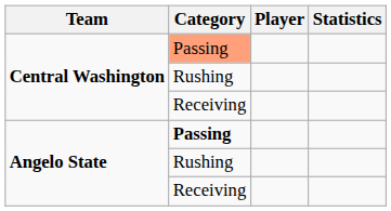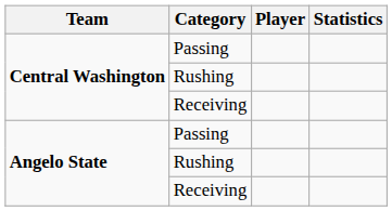 <table class="wikitable" style="float: right;">
 <tr>
 <th>Team</th>
 <th>Category</th>
 <th>Player</th>
 <th>Statistics</th>
 </tr>
 <tr>
 <td rowspan=3><strong>Central Washington</strong></td>
-<td style="background: lightsalmon;">Passing</td>
+<td>Passing</td>
 <td></td>
 <td></td>
 </tr>
 <tr>
 <td>Rushing</td>
 <td></td>
 <td></td>
 </tr>
 <tr>
 <td>Receiving</td>
 <td></td>
 <td></td>
 </tr>
 <tr>
 <td rowspan=3><strong>Angelo State</strong></td>
-<td><strong>Passing</strong></td>
+<td>Passing</td>
 <td></td>
 <td></td>
 </tr>
 <tr>
 <td>Rushing</td>
 <td></td>
 <td></td>
 </tr>
 <tr>
 <td>Receiving</td>
 <td></td>
 <td></td>
 </tr>
 </table>
